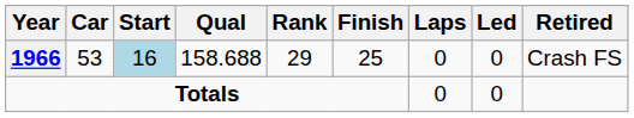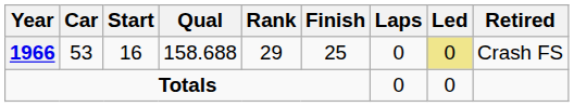 <table class="wikitable" style="text-align:center">
 <tr>
 <th>Year</th>
 <th>Car</th>
 <th>Start</th>
 <th>Qual</th>
 <th>Rank</th>
 <th>Finish</th>
 <th>Laps</th>
 <th>Led</th>
 <th>Retired</th>
 </tr>
 <tr>
 <th><a href='#'>1966</a></th>
 <td>53</td>
-<td style="background: lightblue;">16</td>
+<td>16</td>
 <td>158.688</td>
 <td>29</td>
 <td>25</td>
 <td>0</td>
-<td>0</td>
+<td style="background: khaki;">0</td>
 <td>Crash FS</td>
 </tr>
 <tr>
 <td colspan=6><strong>Totals</strong></td>
 <td>0</td>
 <td>0</td>
 <td></td>
 </tr>
 </table>
